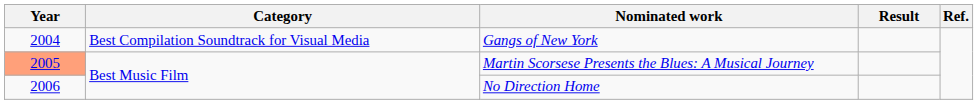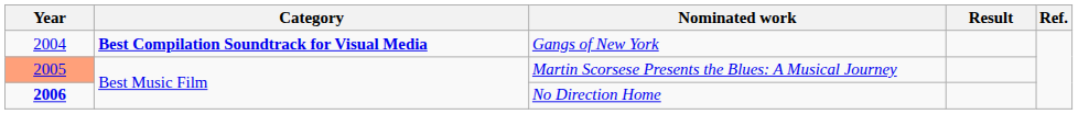 <table class=wikitable>
 <tr>
 <th scope="col" style="width:5em;">Year</th>
 <th scope="col" style="width:26em;">Category</th>
 <th scope="col" style="width:25em;">Nominated work</th>
 <th scope="col" style="width:5em;">Result</th>
 <th>Ref.</th>
 </tr>
 <tr>
 <td style="text-align:center;"><a href='#'>2004</a></td>
-<td><a href='#'>Best Compilation Soundtrack for Visual Media</a></td>
+<td><strong><a href='#'>Best Compilation Soundtrack for Visual Media</a></strong></td>
 <td><em><a href='#'>Gangs of New York</a></em></td>
 <td></td>
 <td style="text-align:center;", rowspan=3></td>
 </tr>
 <tr>
 <td style="background: lightsalmon; text-align:center;"><a href='#'>2005</a></td>
 <td rowspan=2><a href='#'>Best Music Film</a></td>
 <td><em><a href='#'>Martin Scorsese Presents the Blues: A Musical Journey</a></em></td>
 <td></td>
 </tr>
 <tr>
-<td style="text-align:center;"><a href='#'>2006</a></td>
+<td style="text-align:center;"><strong><a href='#'>2006</a></strong></td>
 <td><em><a href='#'>No Direction Home</a></em></td>
 <td></td>
 </tr>
 </table>
